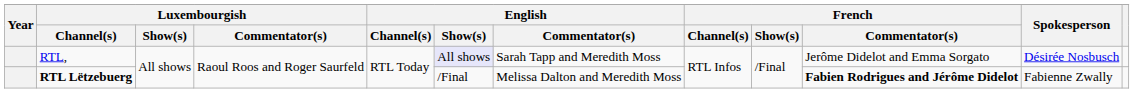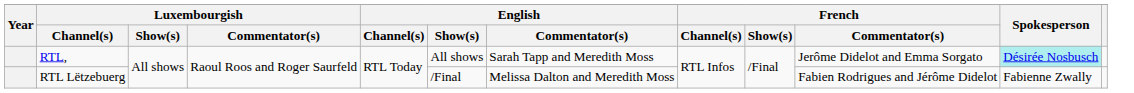 <table class="wikitable plainrowheaders">
 <tr>
 </tr>
 <tr>
 <th scope="col" rowspan="2">Year</th>
 <th scope="col" colspan="3">Luxembourgish</th>
 <th scope="col" colspan="3">English</th>
 <th scope="col" colspan="3">French</th>
 <th scope="col" rowspan="2">Spokesperson</th>
 <th scope="col" rowspan="2"></th>
 </tr>
 <tr>
 <th scope="col">Channel(s)</th>
 <th scope="col">Show(s)</th>
 <th scope="col">Commentator(s)</th>
 <th scope="col">Channel(s)</th>
 <th scope="col">Show(s)</th>
 <th scope="col">Commentator(s)</th>
 <th scope="col">Channel(s)</th>
 <th scope="col">Show(s)</th>
 <th scope="col">Commentator(s)</th>
 </tr>
 <tr>
 <th scope="row"></th>
 <td><a href='#'>RTL</a>, </td>
 <td rowspan="2">All shows</td>
 <td rowspan="2">Raoul Roos and Roger Saurfeld</td>
 <td rowspan="2">RTL Today</td>
-<td style="background: lavender;">All shows</td>
+<td>All shows</td>
 <td>Sarah Tapp and Meredith Moss</td>
 <td rowspan="2">RTL Infos</td>
 <td rowspan="2">/Final</td>
 <td>Jerôme Didelot and Emma Sorgato</td>
-<td><a href='#'>Désirée Nosbusch</a></td>
+<td style="background: paleturquoise;"><a href='#'>Désirée Nosbusch</a></td>
 <td style="text-align:center;"></td>
 </tr>
 <tr>
 <th scope="row"></th>
-<td><strong>RTL Lëtzebuerg</strong></td>
+<td>RTL Lëtzebuerg</td>
 <td>/Final</td>
 <td>Melissa Dalton and Meredith Moss</td>
-<td><strong>Fabien Rodrigues and Jérôme Didelot</strong></td>
+<td>Fabien Rodrigues and Jérôme Didelot</td>
 <td>Fabienne Zwally</td>
 <td style="text-align:center"></td>
 </tr>
 </table>
